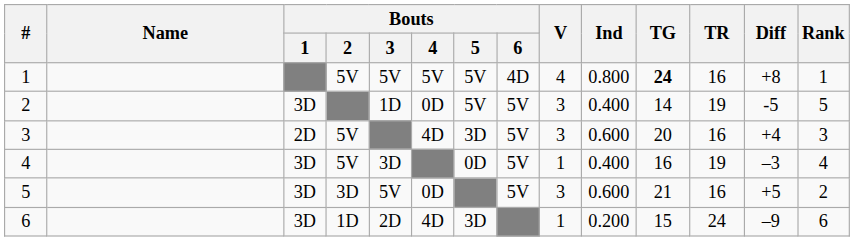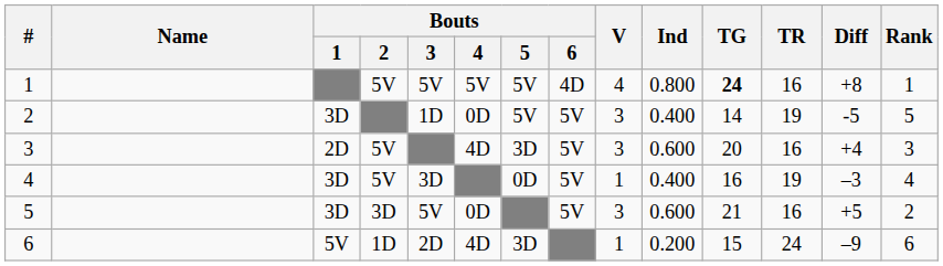 <table class="wikitable" style="text-align:center;">
 <tr>
 <th rowspan=2 width=30>#</th>
 <th rowspan=2 width=200>Name</th>
 <th colspan=6>Bouts</th>
 <th rowspan=2 width=30>V</th>
 <th rowspan=2 width=40>Ind</th>
 <th rowspan=2 width=40>TG</th>
 <th rowspan=2 width=40>TR</th>
 <th rowspan=2 width=40>Diff</th>
 <th rowspan=2 width=30>Rank</th>
 </tr>
 <tr>
 <th width=30>1</th>
 <th width=30>2</th>
 <th width=30>3</th>
 <th width=30>4</th>
 <th width=30>5</th>
 <th width=30>6</th>
 </tr>
 <tr>
 <td>1</td>
 <td align=left></td>
 <td bgcolor=grey></td>
 <td>5V</td>
 <td>5V</td>
 <td>5V</td>
 <td>5V</td>
 <td>4D</td>
 <td>4</td>
 <td>0.800</td>
 <td><strong>24</strong></td>
 <td>16</td>
 <td>+8</td>
 <td>1</td>
 </tr>
 <tr>
 <td>2</td>
 <td align=left></td>
 <td>3D</td>
 <td bgcolor=grey></td>
 <td>1D</td>
 <td>0D</td>
 <td>5V</td>
 <td>5V</td>
 <td>3</td>
 <td>0.400</td>
 <td>14</td>
 <td>19</td>
 <td>-5</td>
 <td>5</td>
 </tr>
 <tr>
 <td>3</td>
 <td align=left></td>
 <td>2D</td>
 <td>5V</td>
 <td bgcolor=grey></td>
 <td>4D</td>
 <td>3D</td>
 <td>5V</td>
 <td>3</td>
 <td>0.600</td>
 <td>20</td>
 <td>16</td>
 <td>+4</td>
 <td>3</td>
 </tr>
 <tr>
 <td>4</td>
 <td align=left></td>
 <td>3D</td>
 <td>5V</td>
 <td>3D</td>
 <td bgcolor=grey></td>
 <td>0D</td>
 <td>5V</td>
 <td>1</td>
 <td>0.400</td>
 <td>16</td>
 <td>19</td>
 <td>–3</td>
 <td>4</td>
 </tr>
 <tr>
 <td>5</td>
 <td align=left></td>
 <td>3D</td>
 <td>3D</td>
 <td>5V</td>
 <td>0D</td>
 <td bgcolor=grey></td>
 <td>5V</td>
 <td>3</td>
 <td>0.600</td>
 <td>21</td>
 <td>16</td>
 <td>+5</td>
 <td>2</td>
 </tr>
 <tr>
 <td>6</td>
 <td align=left></td>
-<td>3D</td>
+<td>5V</td>
 <td>1D</td>
 <td>2D</td>
 <td>4D</td>
 <td>3D</td>
 <td bgcolor=grey></td>
 <td>1</td>
 <td>0.200</td>
 <td>15</td>
 <td>24</td>
 <td>–9</td>
 <td>6</td>
 </tr>
 </table>
